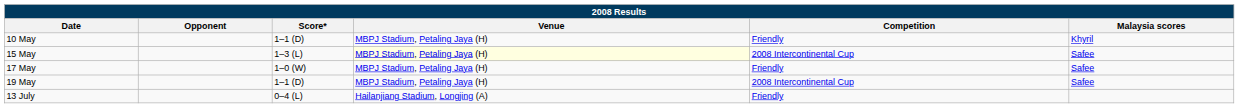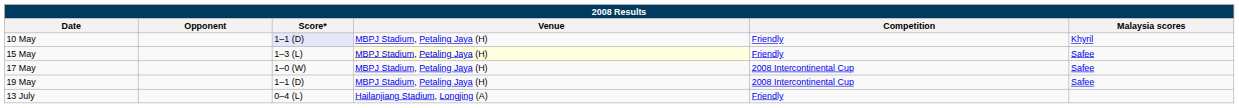 <table class="wikitable" width=100% style="text-align:left;font-size:90%;">
 <tr>
 <th colspan=9 style="background: #013A5E; color: #FFFFFF;">2008 Results</th>
 </tr>
 <tr>
 <th width=80>Date</th>
 <th width=80>Opponent</th>
 <th width=20>Score*</th>
 <th width=250>Venue</th>
 <th width=200>Competition</th>
 <th width=100>Malaysia scores</th>
 </tr>
 <tr>
 <td>10 May</td>
 <td></td>
-<td>1–1 (D)</td>
+<td style="background: lavender;">1–1 (D)</td>
 <td><a href='#'>MBPJ Stadium</a>, <a href='#'>Petaling Jaya</a> (H)</td>
 <td><a href='#'>Friendly</a></td>
 <td><a href='#'>Khyril</a> </td>
 </tr>
 <tr>
 <td>15 May</td>
 <td></td>
 <td>1–3 (L)</td>
 <td style="background: lightyellow;"><a href='#'>MBPJ Stadium</a>, <a href='#'>Petaling Jaya</a> (H)</td>
-<td><a href='#'>2008 Intercontinental Cup</a></td>
+<td><a href='#'>Friendly</a></td>
 <td><a href='#'>Safee</a> </td>
 </tr>
 <tr>
 <td>17 May</td>
 <td></td>
 <td>1–0 (W)</td>
 <td><a href='#'>MBPJ Stadium</a>, <a href='#'>Petaling Jaya</a> (H)</td>
-<td><a href='#'>Friendly</a></td>
+<td><a href='#'>2008 Intercontinental Cup</a></td>
 <td><a href='#'>Safee</a> </td>
 </tr>
 <tr>
 <td>19 May</td>
 <td></td>
 <td>1–1 (D)</td>
 <td><a href='#'>MBPJ Stadium</a>, <a href='#'>Petaling Jaya</a> (H)</td>
 <td><a href='#'>2008 Intercontinental Cup</a></td>
 <td><a href='#'>Safee</a> </td>
 </tr>
 <tr>
 <td>13 July</td>
 <td></td>
 <td>0–4 (L)</td>
 <td><a href='#'>Hailanjiang Stadium</a>, <a href='#'>Longjing</a> (A)</td>
 <td><a href='#'>Friendly</a></td>
 <td></td>
 </tr>
 </table>
